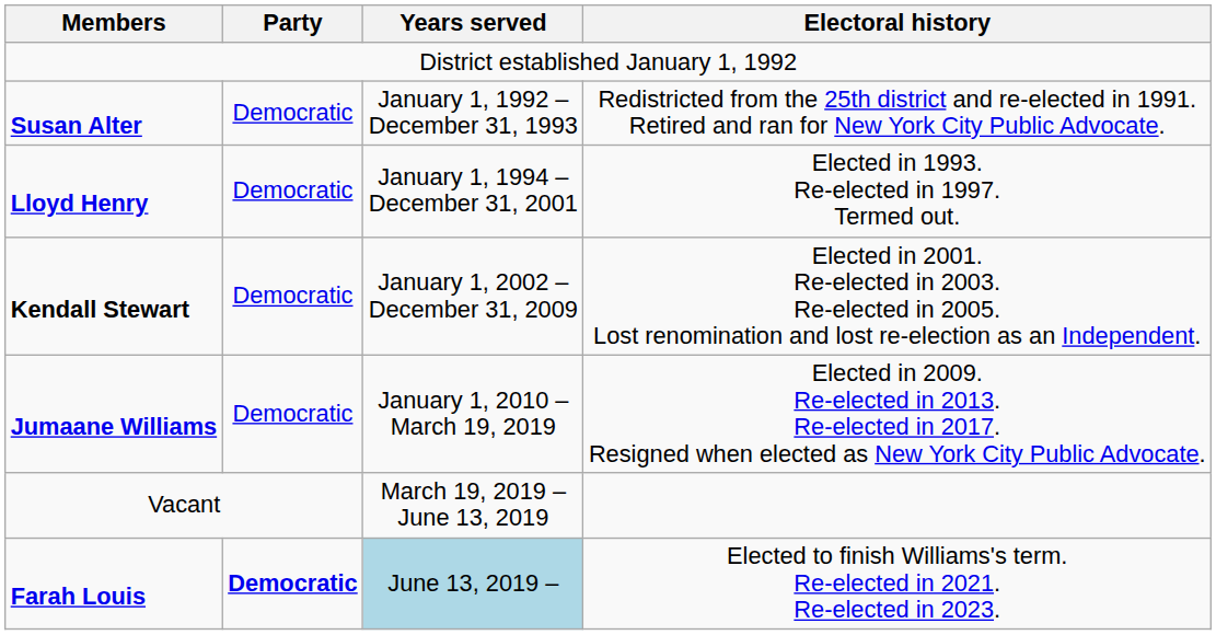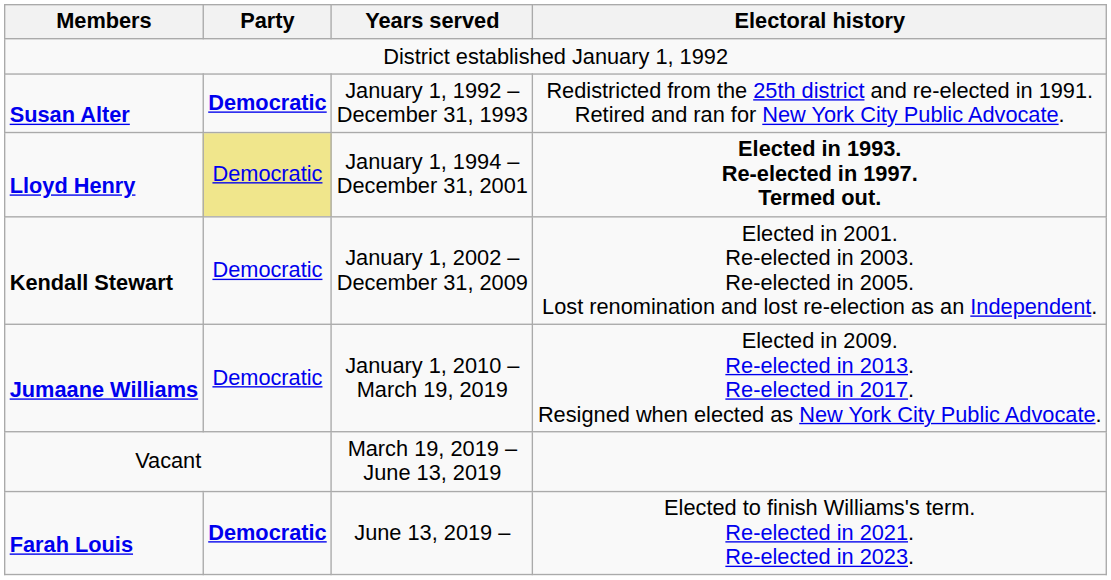 <table class=wikitable style="text-align:center">
 <tr>
 <th>Members</th>
 <th>Party</th>
 <th>Years served</th>
 <th>Electoral history</th>
 </tr>
 <tr>
 <td colspan=5>District established January 1, 1992</td>
 </tr>
 <tr>
 <td align=left><br> <strong><a href='#'>Susan Alter</a></strong><br></td>
-<td><a href='#'>Democratic</a></td>
+<td><strong><a href='#'>Democratic</a></strong></td>
 <td>January 1, 1992 – <br> December 31, 1993</td>
 <td>Redistricted from the <a href='#'>25th district</a> and re-elected in 1991. <br> Retired and ran for <a href='#'>New York City Public Advocate</a>.</td>
 </tr>
 <tr>
 <td align=left><br> <strong><a href='#'>Lloyd Henry</a></strong><br></td>
-<td><a href='#'>Democratic</a></td>
+<td style="background: khaki;"><a href='#'>Democratic</a></td>
 <td>January 1, 1994 – <br> December 31, 2001</td>
-<td>Elected in 1993. <br> Re-elected in 1997. <br>Termed out.</td>
+<td><strong>Elected in 1993. <br> Re-elected in 1997. <br>Termed out.</strong></td>
 </tr>
 <tr>
 <td align=left><br> <strong>Kendall Stewart</strong><br></td>
 <td><a href='#'>Democratic</a></td>
 <td>January 1, 2002 – <br> December 31, 2009</td>
 <td>Elected in 2001. <br> Re-elected in 2003. <br> Re-elected in 2005. <br> Lost renomination and lost re-election as an <a href='#'>Independent</a>.</td>
 </tr>
 <tr>
 <td align=left> <br> <strong><a href='#'>Jumaane Williams</a></strong><br></td>
 <td><a href='#'>Democratic</a></td>
 <td>January 1, 2010 – <br> March 19, 2019</td>
 <td>Elected in 2009. <br> <a href='#'>Re-elected in 2013</a>. <br> <a href='#'>Re-elected in 2017</a>. <br> Resigned when elected as <a href='#'>New York City Public Advocate</a>.</td>
 </tr>
 <tr>
 <td colspan=2>Vacant</td>
 <td>March 19, 2019 – <br> June 13, 2019</td>
 </tr>
 <tr>
 <td align=left><br><strong><a href='#'>Farah Louis</a></strong> <br> </td>
 <td><strong><a href='#'>Democratic</a></strong></td>
-<td style="background: lightblue;">June 13, 2019 – <br></td>
+<td>June 13, 2019 – <br></td>
 <td>Elected to finish Williams's term. <br> <a href='#'>Re-elected in 2021</a>. <br><a href='#'>Re-elected in 2023</a>.</td>
 </tr>
 </table>
